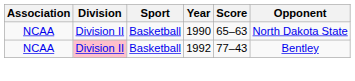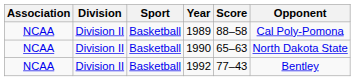 <table class="wikitable" style="text-align:center">
 <tr>
 <th>Association</th>
 <th>Division</th>
 <th>Sport</th>
 <th>Year</th>
 <th>Score</th>
 <th>Opponent</th>
+</tr>
+<tr style="text-align:center;">
+<td><a href='#'>NCAA</a></td>
+<td><a href='#'>Division II</a></td>
+<td><a href='#'>Basketball</a></td>
+<td>1989</td>
+<td>88–58</td>
+<td><a href='#'>Cal Poly-Pomona</a></td>
 </tr>
 <tr align="center">
 <td><a href='#'>NCAA</a></td>
 <td><a href='#'>Division II</a></td>
 <td><a href='#'>Basketball</a></td>
 <td>1990</td>
 <td>65–63</td>
 <td><a href='#'>North Dakota State</a></td>
 </tr>
 <tr style="text-align:center;">
 <td><a href='#'>NCAA</a></td>
-<td style="background: pink;"><a href='#'>Division II</a></td>
+<td><a href='#'>Division II</a></td>
 <td><a href='#'>Basketball</a></td>
 <td>1992</td>
 <td>77–43</td>
 <td><a href='#'>Bentley</a></td>
 </tr>
 </table>
